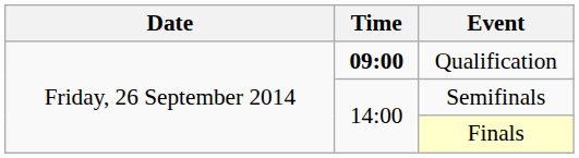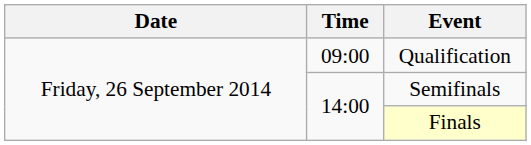 <table class = "wikitable" style="text-align:center;">
 <tr>
 <th width=220>Date</th>
 <th width=50>Time</th>
 <th width=100>Event</th>
 </tr>
 <tr>
 <td rowspan=3>Friday, 26 September 2014</td>
-<td><strong>09:00</strong></td>
+<td>09:00</td>
 <td>Qualification</td>
 </tr>
 <tr>
 <td rowspan=2>14:00</td>
 <td>Semifinals</td>
 </tr>
 <tr>
 <td bgcolor=ffffcc>Finals</td>
 </tr>
 </table>
